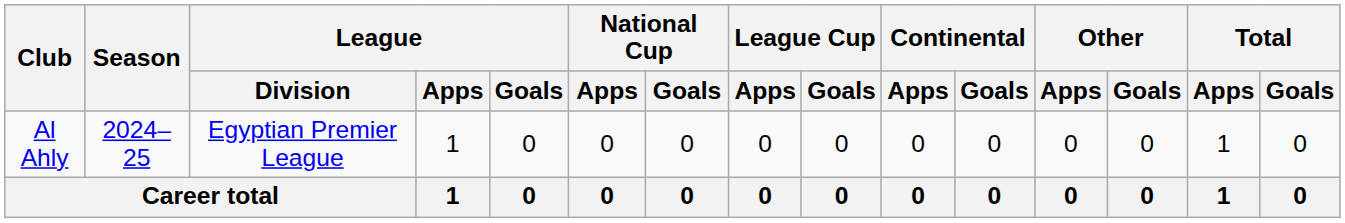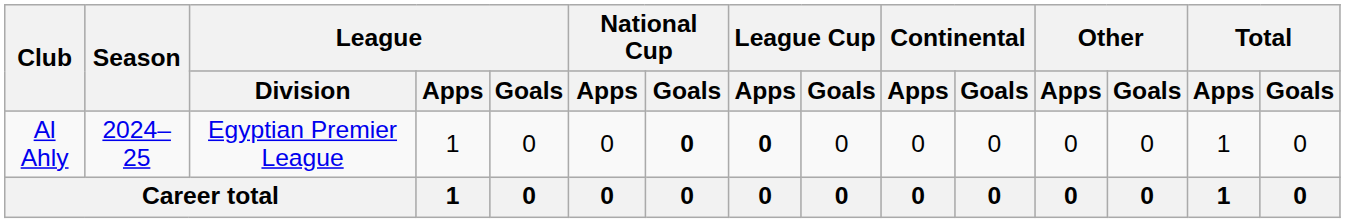 <table class=wikitable style=text-align:center>
 <tr>
 <th rowspan="2">Club</th>
 <th rowspan="2">Season</th>
 <th colspan="3">League</th>
 <th colspan="2">National Cup</th>
 <th colspan="2">League Cup</th>
 <th colspan="2">Continental</th>
 <th colspan="2">Other</th>
 <th colspan="2">Total</th>
 </tr>
 <tr>
 <th>Division</th>
 <th>Apps</th>
 <th>Goals</th>
 <th>Apps</th>
 <th>Goals</th>
 <th>Apps</th>
 <th>Goals</th>
 <th>Apps</th>
 <th>Goals</th>
 <th>Apps</th>
 <th>Goals</th>
 <th>Apps</th>
 <th>Goals</th>
 </tr>
 <tr>
 <td><a href='#'>Al Ahly</a></td>
 <td><a href='#'>2024–25</a></td>
 <td><a href='#'>Egyptian Premier League</a></td>
 <td>1</td>
 <td>0</td>
 <td>0</td>
-<td>0</td>
-<td>0</td>
+<td><strong>0</strong></td>
+<td><strong>0</strong></td>
 <td>0</td>
 <td>0</td>
 <td>0</td>
 <td>0</td>
 <td>0</td>
 <td>1</td>
 <td>0</td>
 </tr>
 <tr>
 <th colspan=3>Career total</th>
 <th>1</th>
 <th>0</th>
 <th>0</th>
 <th>0</th>
 <th>0</th>
 <th>0</th>
 <th>0</th>
 <th>0</th>
 <th>0</th>
 <th>0</th>
 <th>1</th>
 <th>0</th>
 </tr>
 </table>
